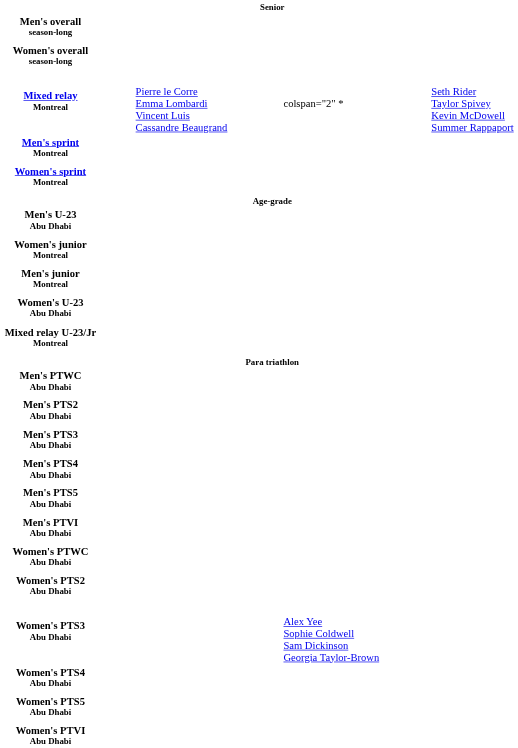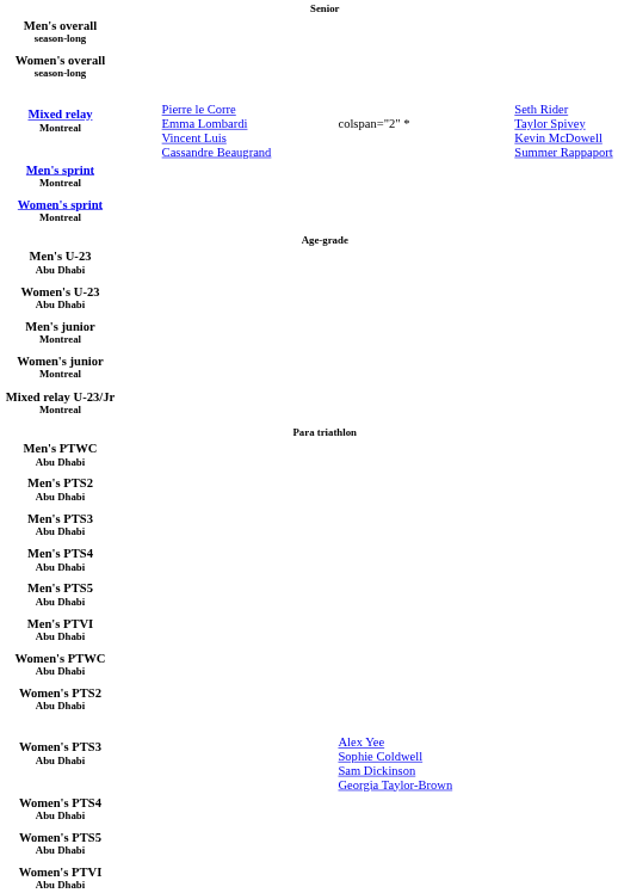 <table>
 <tr>
 <th colspan=4><small>Senior</small></th>
 </tr>
 <tr>
 <th width=250>Men's overall<br><sup>season-long</sup></th>
 <td align=left width=220></td>
 <td align=left width=220></td>
 <td align=left width=220></td>
 </tr>
 <tr>
 <th>Women's overall <br><sup>season-long</sup></th>
 <td width=220></td>
 <td width=220></td>
 <td width=220></td>
 </tr>
 <tr>
 <th><a href='#'>Mixed relay</a> <br><sup>Montreal</sup></th>
 <td width=220><br><a href='#'>Pierre le Corre</a><br><a href='#'>Emma Lombardi</a><br><a href='#'>Vincent Luis</a><br><a href='#'>Cassandre Beaugrand</a></td>
 <td>colspan="2" *</td>
 <td width=220><br><a href='#'>Seth Rider</a><br><a href='#'>Taylor Spivey</a><br><a href='#'>Kevin McDowell</a><br><a href='#'>Summer Rappaport</a></td>
 </tr>
 <tr>
 <th align="center"><a href='#'>Men's sprint</a> <br><sup>Montreal</sup></th>
 <td></td>
 <td></td>
 <td></td>
 </tr>
 <tr>
 <th align="center"><a href='#'>Women's sprint</a> <br><sup>Montreal</sup></th>
 <td></td>
 <td></td>
 <td></td>
 </tr>
 <tr>
 <th colspan=4><small>Age-grade</small></th>
 </tr>
 <tr>
 <th>Men's U-23 <br><sup>Abu Dhabi</sup></th>
 <td width=220></td>
 <td width=220></td>
 <td width=220></td>
 </tr>
 <tr>
-<th>Women's junior <br><sup>Montreal</sup></th>
+<th>Women's U-23 <br><sup>Abu Dhabi</sup></th>
 <td width=220></td>
 <td width=220></td>
 <td width=220></td>
 </tr>
 <tr>
 <th>Men's junior <br><sup>Montreal</sup></th>
 <td width=220></td>
 <td width=220></td>
 <td width=220></td>
 </tr>
 <tr>
-<th>Women's U-23 <br><sup>Abu Dhabi</sup></th>
+<th>Women's junior <br><sup>Montreal</sup></th>
 <td width=220></td>
 <td width=220></td>
 <td width=220></td>
 </tr>
 <tr>
 <th>Mixed relay U-23/Jr <br><sup>Montreal</sup></th>
 <td width=220></td>
 <td width=220></td>
 <td width=220></td>
 </tr>
 <tr>
 <th colspan=4><small>Para triathlon</small></th>
 </tr>
 <tr>
 <th>Men's PTWC  <br><sup>Abu Dhabi</sup></th>
 <td width=220></td>
 <td width=220></td>
 <td width=220></td>
 </tr>
 <tr>
 <th>Men's PTS2  <br><sup>Abu Dhabi</sup></th>
 <td width=220></td>
 <td width=220></td>
 <td width=220></td>
 </tr>
 <tr>
 <th>Men's PTS3  <br><sup>Abu Dhabi</sup></th>
 <td width=220></td>
 <td width=220></td>
 <td width=220></td>
 </tr>
 <tr>
 <th>Men's PTS4  <br><sup>Abu Dhabi</sup></th>
 <td width=220></td>
 <td width=220></td>
 <td width=220></td>
 </tr>
 <tr>
 <th>Men's PTS5  <br><sup>Abu Dhabi</sup></th>
 <td width=220></td>
 <td width=220></td>
 <td width=220></td>
 </tr>
 <tr>
 <th>Men's PTVI  <br><sup>Abu Dhabi</sup></th>
 <td width=220></td>
 <td width=220></td>
 <td width=220></td>
 </tr>
 <tr>
 <th>Women's PTWC  <br><sup>Abu Dhabi</sup></th>
 <td width=220></td>
 <td width=220></td>
 <td width=220></td>
 </tr>
 <tr>
 <th>Women's PTS2  <br><sup>Abu Dhabi</sup></th>
 <td width=220></td>
 <td width=220></td>
 <td width=220></td>
 </tr>
 <tr>
 <th>Women's PTS3  <br><sup>Abu Dhabi</sup></th>
 <td width=220></td>
 <td width=220><br><a href='#'>Alex Yee</a><br><a href='#'>Sophie Coldwell</a><br><a href='#'>Sam Dickinson</a><br><a href='#'>Georgia Taylor-Brown</a></td>
 </tr>
 <tr>
 <th>Women's PTS4  <br><sup>Abu Dhabi</sup></th>
 <td width=220></td>
 <td width=220></td>
 <td width=220></td>
 </tr>
 <tr>
 <th>Women's PTS5  <br><sup>Abu Dhabi</sup></th>
 <td width=220></td>
 <td width=220></td>
 <td width=220></td>
 </tr>
 <tr>
 <th>Women's PTVI  <br><sup>Abu Dhabi</sup></th>
 <td width=220></td>
 <td width=220></td>
 <td width=220></td>
 </tr>
 </table>
